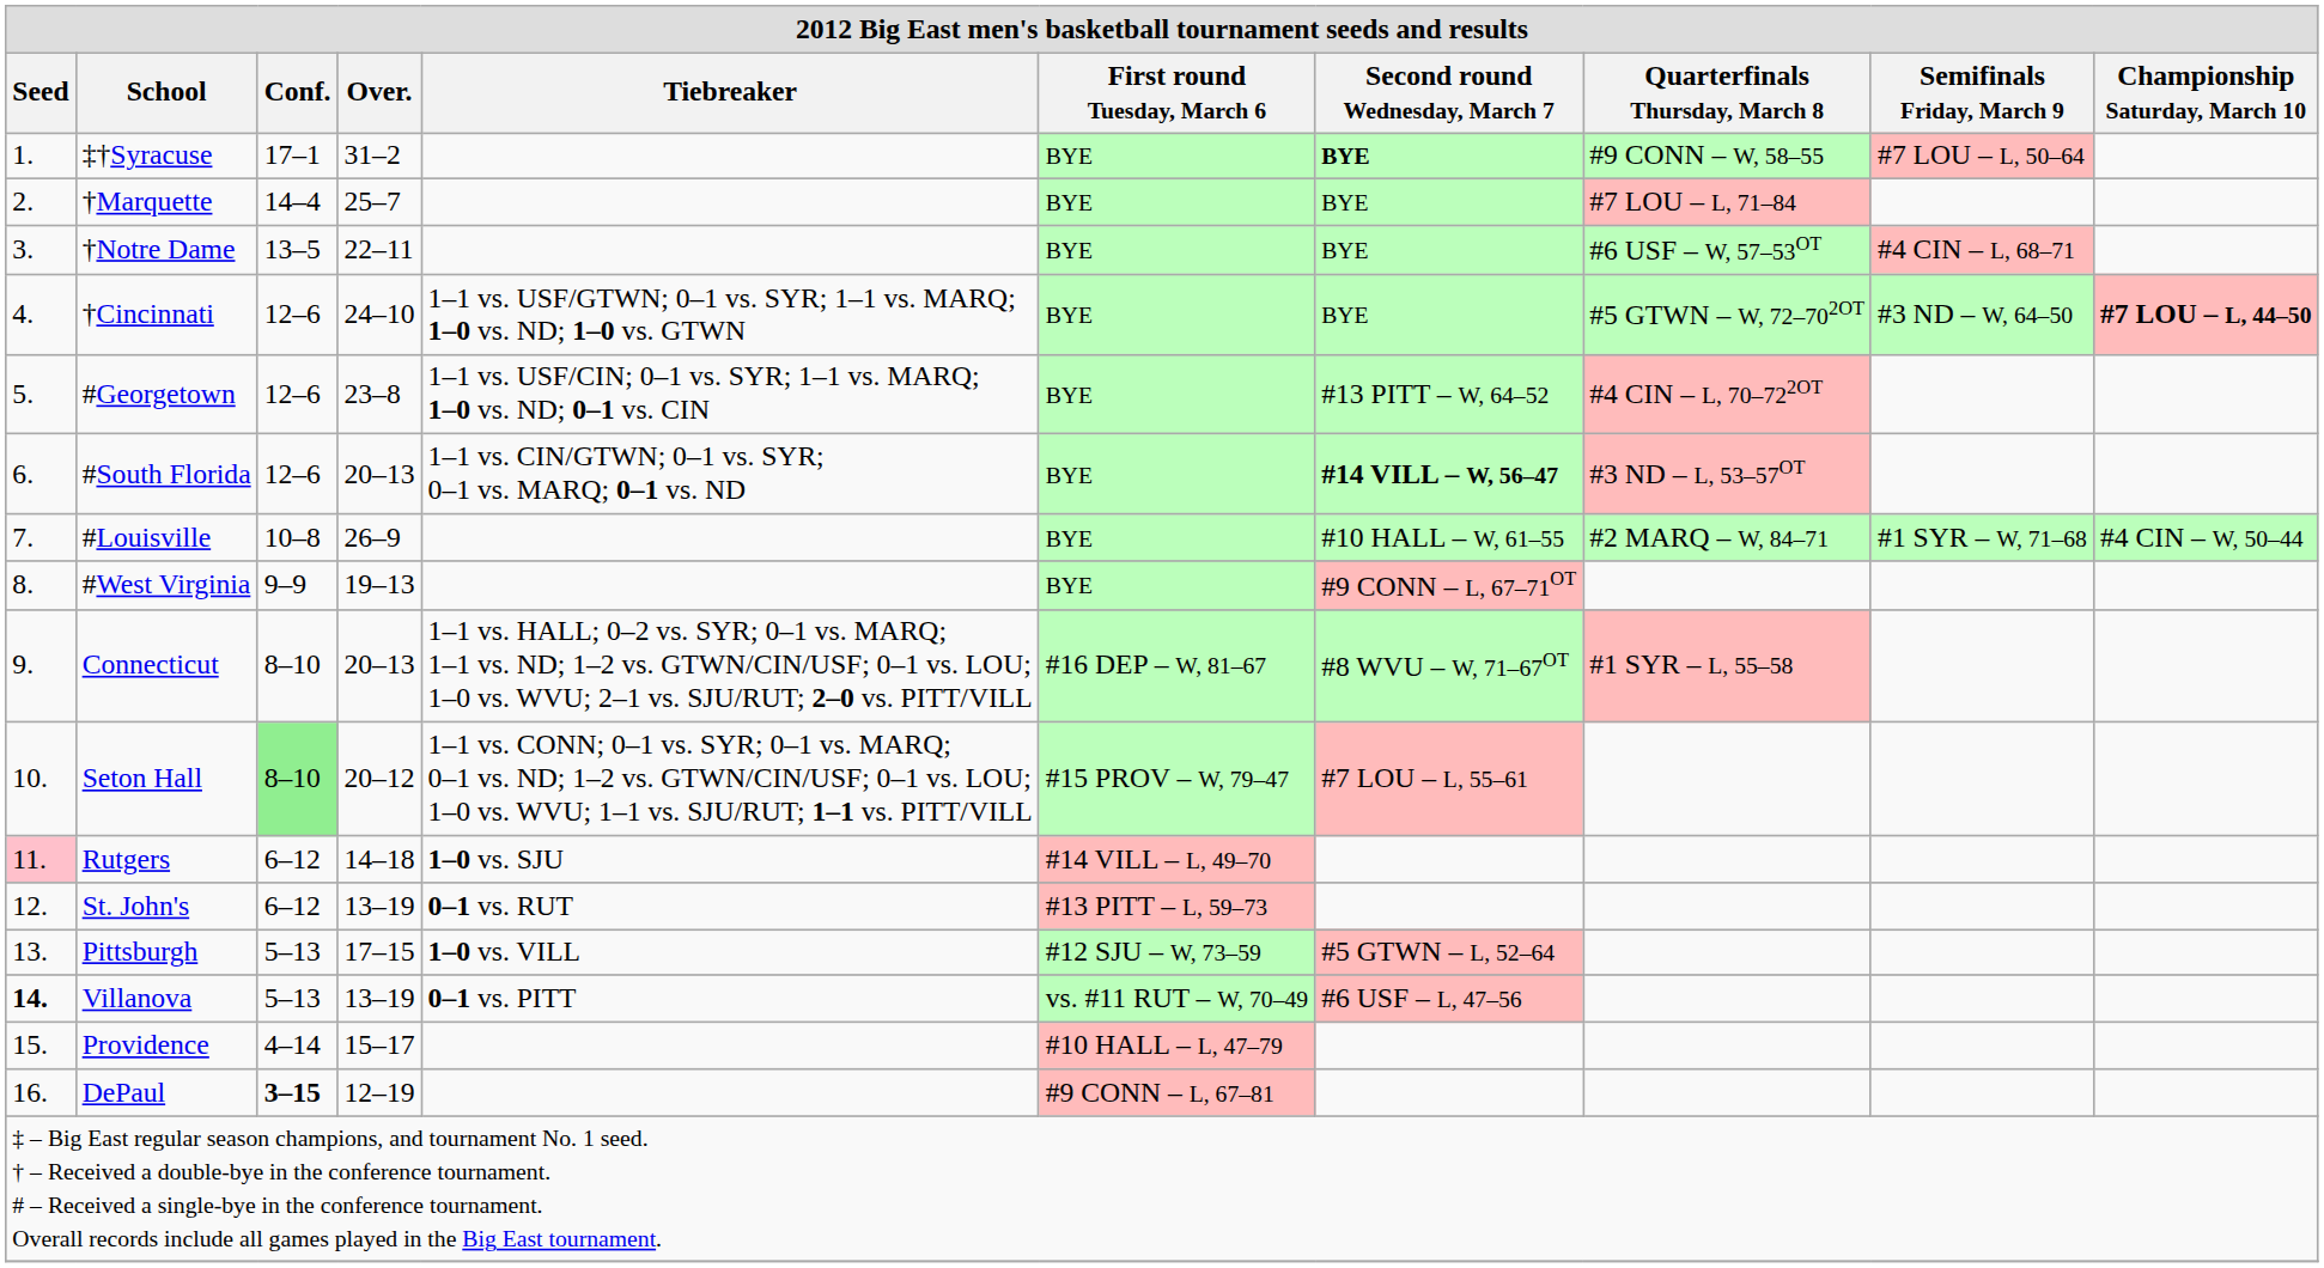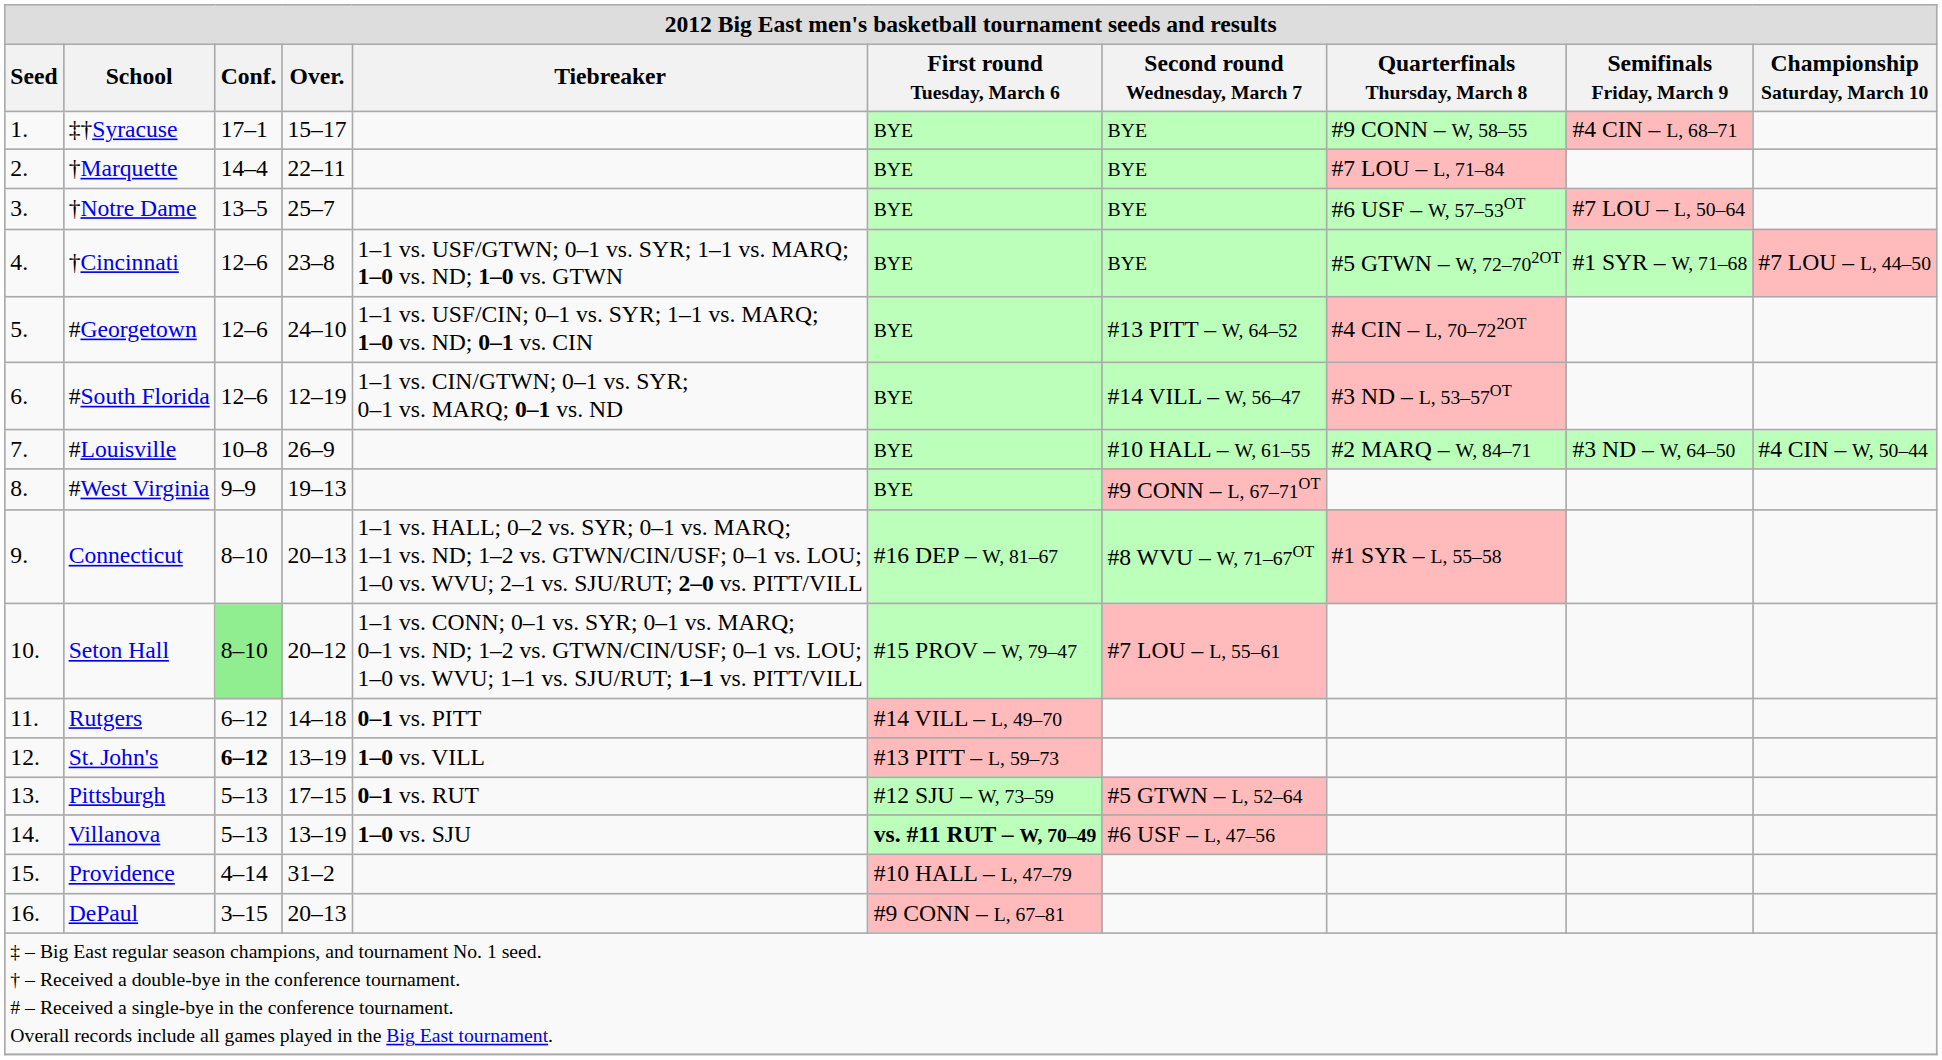 <table class="wikitable" style="white-space:nowrap; font-size:90%;">
 <tr>
 <td colspan="10" style="text-align:center; background:#DDDDDD; font:#000000"><strong>2012 Big East men's basketball tournament seeds and results</strong></td>
 </tr>
 <tr bgcolor="#efefef">
 <th>Seed</th>
 <th>School</th>
 <th>Conf.</th>
 <th>Over.</th>
 <th>Tiebreaker</th>
 <th>First round<br><small>Tuesday, March 6</small></th>
 <th>Second round<br><small>Wednesday, March 7</small></th>
 <th>Quarterfinals<br><small>Thursday, March 8</small></th>
 <th>Semifinals<br><small>Friday, March 9</small></th>
 <th>Championship<br><small>Saturday, March 10</small></th>
 </tr>
 <tr>
 <td>1.</td>
 <td>‡†<a href='#'>Syracuse</a></td>
 <td>17–1</td>
-<td>31–2</td>
+<td>15–17</td>
 <td></td>
 <td style="background:#bfb;"><small>BYE</small></td>
-<td style="background:#bfb;"><strong><small>BYE</small></strong></td>
+<td style="background:#bfb;"><small>BYE</small></td>
 <td style="background:#bfb;">#9 CONN – <small>W, 58–55</small></td>
-<td style="background:#fbb;">#7 LOU – <small>L, 50–64</small></td>
+<td style="background:#fbb;">#4 CIN – <small>L, 68–71</small></td>
 <td></td>
 </tr>
 <tr>
 <td>2.</td>
 <td>†<a href='#'>Marquette</a></td>
 <td>14–4</td>
-<td>25–7</td>
+<td>22–11</td>
 <td></td>
 <td style="background:#bfb;"><small>BYE</small></td>
 <td style="background:#bfb;"><small>BYE</small></td>
 <td style="background:#fbb;">#7 LOU – <small>L, 71–84</small></td>
 <td></td>
 <td></td>
 </tr>
 <tr>
 <td>3.</td>
 <td>†<a href='#'>Notre Dame</a></td>
 <td>13–5</td>
-<td>22–11</td>
+<td>25–7</td>
 <td></td>
 <td style="background:#bfb;"><small>BYE</small></td>
 <td style="background:#bfb;"><small>BYE</small></td>
 <td style="background:#bfb;">#6 USF – <small>W, 57–53<sup>OT</sup></small></td>
-<td style="background:#fbb;">#4 CIN – <small>L, 68–71</small></td>
+<td style="background:#fbb;">#7 LOU – <small>L, 50–64</small></td>
 <td></td>
 </tr>
 <tr>
 <td>4.</td>
 <td>†<a href='#'>Cincinnati</a></td>
 <td>12–6</td>
-<td>24–10</td>
+<td>23–8</td>
 <td>1–1 vs. USF/GTWN; 0–1 vs. SYR; 1–1 vs. MARQ;<br> <strong>1–0</strong> vs. ND; <strong>1–0</strong> vs. GTWN</td>
 <td style="background:#bfb;"><small>BYE</small></td>
 <td style="background:#bfb;"><small>BYE</small></td>
 <td style="background:#bfb;">#5 GTWN – <small>W, 72–70<sup>2OT</sup></small></td>
-<td style="background:#bfb;">#3 ND – <small>W, 64–50</small></td>
-<td style="background:#fbb;"><strong>#7 LOU – <small>L, 44–50</small></strong></td>
+<td style="background:#bfb;">#1 SYR – <small>W, 71–68</small></td>
+<td style="background:#fbb;">#7 LOU – <small>L, 44–50</small></td>
 </tr>
 <tr>
 <td>5.</td>
 <td>#<a href='#'>Georgetown</a></td>
 <td>12–6</td>
-<td>23–8</td>
+<td>24–10</td>
 <td>1–1 vs. USF/CIN; 0–1 vs. SYR; 1–1 vs. MARQ;<br> <strong>1–0</strong> vs. ND; <strong>0–1</strong> vs. CIN</td>
 <td style="background:#bfb;"><small>BYE</small></td>
 <td style="background:#bfb;">#13 PITT – <small>W, 64–52</small></td>
 <td style="background:#fbb;">#4 CIN – <small>L, 70–72<sup>2OT</sup></small></td>
 <td></td>
 <td></td>
 </tr>
 <tr>
 <td>6.</td>
 <td>#<a href='#'>South Florida</a></td>
 <td>12–6</td>
-<td>20–13</td>
+<td>12–19</td>
 <td>1–1 vs. CIN/GTWN; 0–1 vs. SYR;<br> 0–1 vs. MARQ; <strong>0–1</strong> vs. ND</td>
 <td style="background:#bfb;"><small>BYE</small></td>
-<td style="background:#bfb;"><strong>#14 VILL – <small>W, 56–47</small></strong></td>
+<td style="background:#bfb;">#14 VILL – <small>W, 56–47</small></td>
 <td style="background:#fbb;">#3 ND  – <small>L, 53–57<sup>OT</sup></small></td>
 <td></td>
 <td></td>
 </tr>
 <tr>
 <td>7.</td>
 <td>#<a href='#'>Louisville</a></td>
 <td>10–8</td>
 <td>26–9</td>
 <td></td>
 <td style="background:#bfb;"><small>BYE</small></td>
 <td style="background:#bfb;">#10 HALL – <small>W, 61–55</small></td>
 <td style="background:#bfb;">#2 MARQ – <small>W, 84–71</small></td>
-<td style="background:#bfb;">#1 SYR – <small>W, 71–68</small></td>
+<td style="background:#bfb;">#3 ND – <small>W, 64–50</small></td>
 <td style="background:#bfb;">#4 CIN – <small>W, 50–44</small></td>
 </tr>
 <tr>
 <td>8.</td>
 <td>#<a href='#'>West Virginia</a></td>
 <td>9–9</td>
 <td>19–13</td>
 <td></td>
 <td style="background:#bfb;"><small>BYE</small></td>
 <td style="background:#fbb;">#9 CONN – <small>L, 67–71<sup>OT</sup></small></td>
 <td></td>
 <td></td>
 <td></td>
 </tr>
 <tr>
 <td>9.</td>
 <td><a href='#'>Connecticut</a></td>
 <td>8–10</td>
 <td>20–13</td>
 <td>1–1 vs. HALL; 0–2 vs. SYR; 0–1 vs. MARQ;<br> 1–1 vs. ND; 1–2 vs. GTWN/CIN/USF; 0–1 vs. LOU;<br> 1–0 vs. WVU; 2–1 vs. SJU/RUT; <strong>2–0</strong> vs. PITT/VILL</td>
 <td style="background:#bfb;">#16 DEP – <small>W, 81–67</small></td>
 <td style="background:#bfb;">#8 WVU – <small>W, 71–67<sup>OT</sup></small></td>
 <td style="background:#fbb;">#1 SYR – <small>L, 55–58</small></td>
 <td></td>
 <td></td>
 </tr>
 <tr>
 <td>10.</td>
 <td><a href='#'>Seton Hall</a></td>
 <td style="background: lightgreen;">8–10</td>
 <td>20–12</td>
 <td>1–1 vs. CONN; 0–1 vs. SYR; 0–1 vs. MARQ;<br> 0–1 vs. ND; 1–2 vs. GTWN/CIN/USF; 0–1 vs. LOU;<br> 1–0 vs. WVU; 1–1 vs. SJU/RUT; <strong>1–1</strong> vs. PITT/VILL</td>
 <td style="background:#bfb;">#15 PROV – <small>W, 79–47</small></td>
 <td style="background:#fbb;">#7 LOU – <small>L, 55–61</small></td>
 <td></td>
 <td></td>
 <td></td>
 </tr>
 <tr>
-<td style="background: pink;">11.</td>
+<td>11.</td>
 <td><a href='#'>Rutgers</a></td>
 <td>6–12</td>
 <td>14–18</td>
-<td><strong>1–0</strong> vs. SJU</td>
+<td><strong>0–1</strong> vs. PITT</td>
 <td style="background:#fbb;">#14 VILL – <small>L, 49–70</small></td>
 <td></td>
 <td></td>
 <td></td>
 <td></td>
 </tr>
 <tr>
 <td>12.</td>
 <td><a href='#'>St. John's</a></td>
-<td>6–12</td>
+<td><strong>6–12</strong></td>
 <td>13–19</td>
-<td><strong>0–1</strong> vs. RUT</td>
+<td><strong>1–0</strong> vs. VILL</td>
 <td style="background:#fbb;">#13 PITT – <small>L, 59–73</small></td>
 <td></td>
 <td></td>
 <td></td>
 <td></td>
 </tr>
 <tr>
 <td>13.</td>
 <td><a href='#'>Pittsburgh</a></td>
 <td>5–13</td>
 <td>17–15</td>
-<td><strong>1–0</strong> vs. VILL</td>
+<td><strong>0–1</strong> vs. RUT</td>
 <td style="background:#bfb;">#12 SJU – <small>W, 73–59</small></td>
 <td style="background:#fbb;">#5 GTWN – <small>L, 52–64</small></td>
 <td></td>
 <td></td>
 <td></td>
 </tr>
 <tr>
-<td><strong>14.</strong></td>
+<td>14.</td>
 <td><a href='#'>Villanova</a></td>
 <td>5–13</td>
 <td>13–19</td>
-<td><strong>0–1</strong> vs. PITT</td>
-<td style="background:#bfb;">vs. #11 RUT – <small>W, 70–49</small></td>
+<td><strong>1–0</strong> vs. SJU</td>
+<td style="background:#bfb;"><strong>vs. #11 RUT – <small>W, 70–49</small></strong></td>
 <td style="background:#fbb;">#6 USF – <small>L, 47–56</small></td>
 <td></td>
 <td></td>
 </tr>
 <tr>
 <td>15.</td>
 <td><a href='#'>Providence</a></td>
 <td>4–14</td>
-<td>15–17</td>
+<td>31–2</td>
 <td></td>
 <td style="background:#fbb;">#10 HALL – <small>L, 47–79</small></td>
 <td></td>
 <td></td>
 <td></td>
 <td></td>
 </tr>
 <tr>
 <td>16.</td>
 <td><a href='#'>DePaul</a></td>
-<td><strong>3–15</strong></td>
-<td>12–19</td>
+<td>3–15</td>
+<td>20–13</td>
 <td></td>
 <td style="background:#fbb;">#9 CONN – <small>L, 67–81</small></td>
 <td></td>
 <td></td>
 <td></td>
 <td></td>
 </tr>
 <tr>
 <td colspan="10" style="text-align:left;"><small>‡ – Big East regular season champions, and tournament No. 1 seed.<br>† – Received a double-bye in the conference tournament.<br># – Received a single-bye in the conference tournament.<br>Overall records include all games played in the <a href='#'>Big East tournament</a>.</small></td>
 </tr>
 <tr>
 </tr>
 </table>
